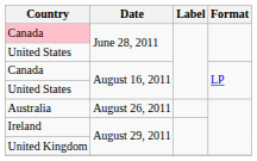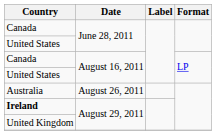 <table class="wikitable">
 <tr>
 <th>Country</th>
 <th>Date</th>
 <th>Label</th>
 <th>Format</th>
 </tr>
 <tr>
-<td style="background: pink;">Canada</td>
+<td>Canada</td>
 <td rowspan=2>June 28, 2011</td>
 <td rowspan=4></td>
 <td rowspan=2></td>
 </tr>
 <tr>
 <td>United States</td>
 </tr>
 <tr>
 <td>Canada</td>
 <td rowspan=2>August 16, 2011</td>
 <td rowspan=2><a href='#'>LP</a></td>
 </tr>
 <tr>
 <td>United States</td>
 </tr>
 <tr>
 <td>Australia</td>
 <td>August 26, 2011</td>
 <td></td>
 <td rowspan=3></td>
 </tr>
 <tr>
-<td>Ireland</td>
+<td><strong>Ireland</strong></td>
 <td rowspan=2>August 29, 2011</td>
 <td rowspan=2></td>
 </tr>
 <tr>
 <td>United Kingdom</td>
 </tr>
 <tr>
 </tr>
 </table>
